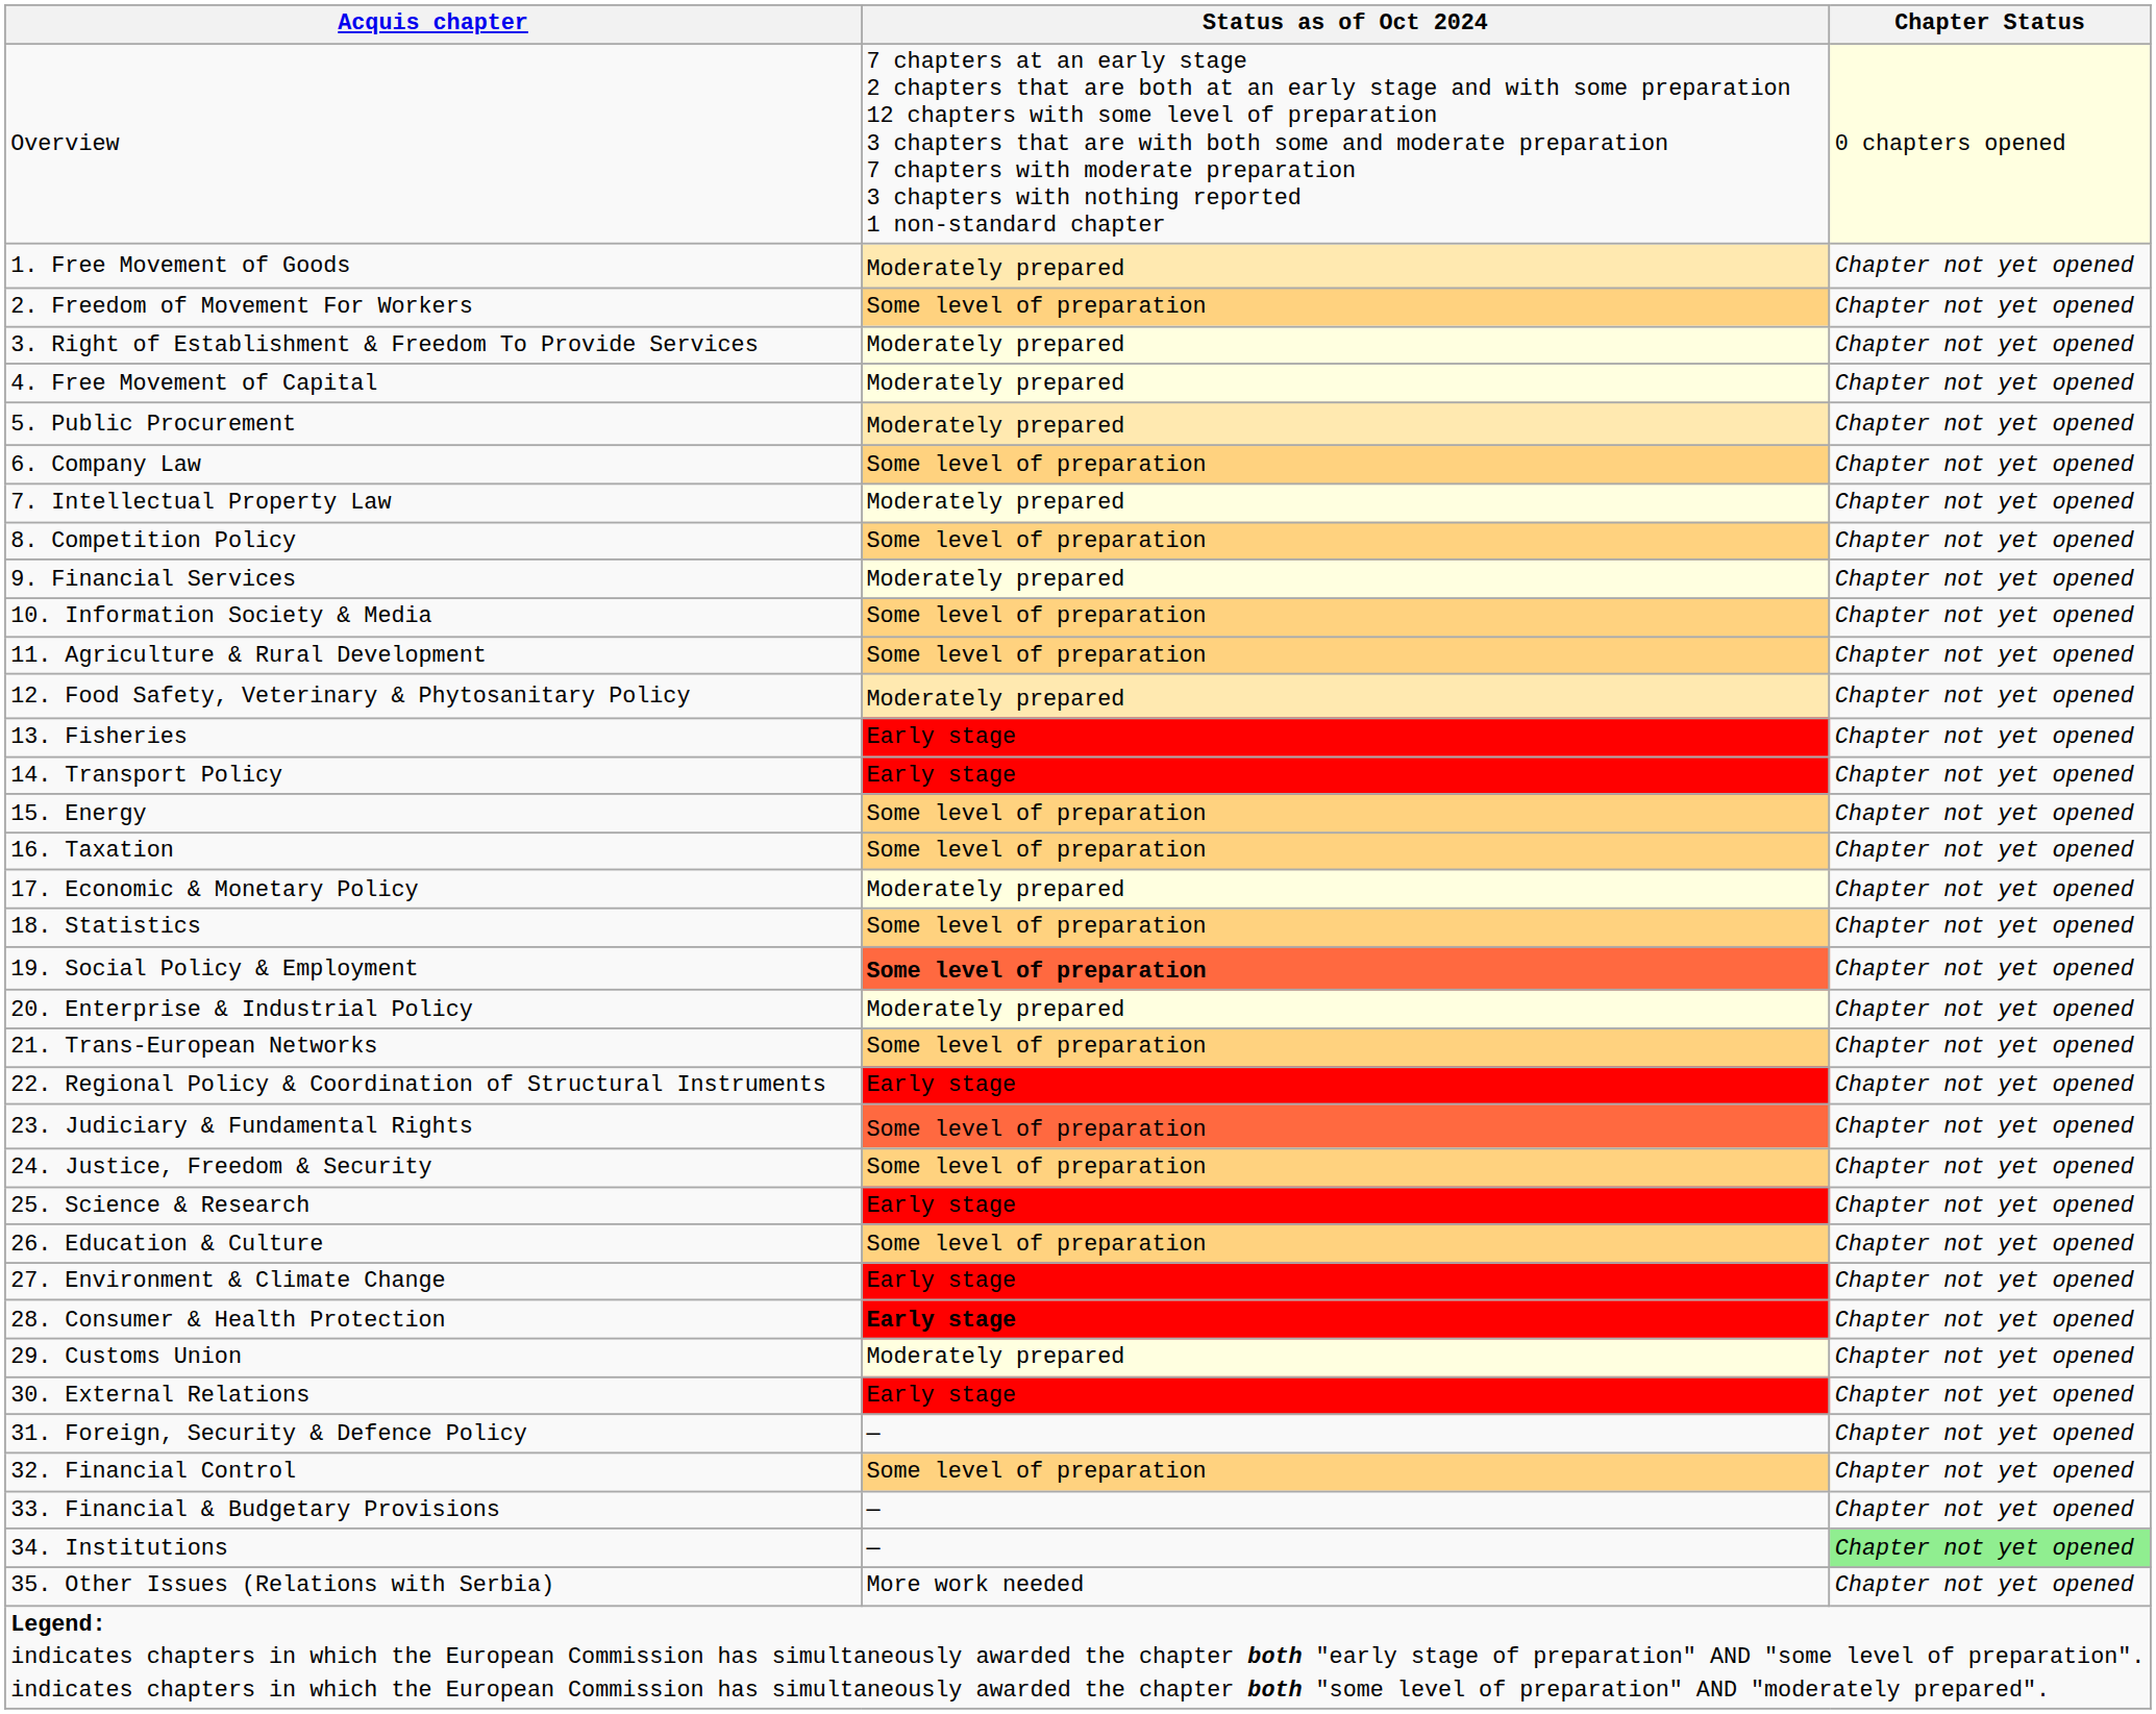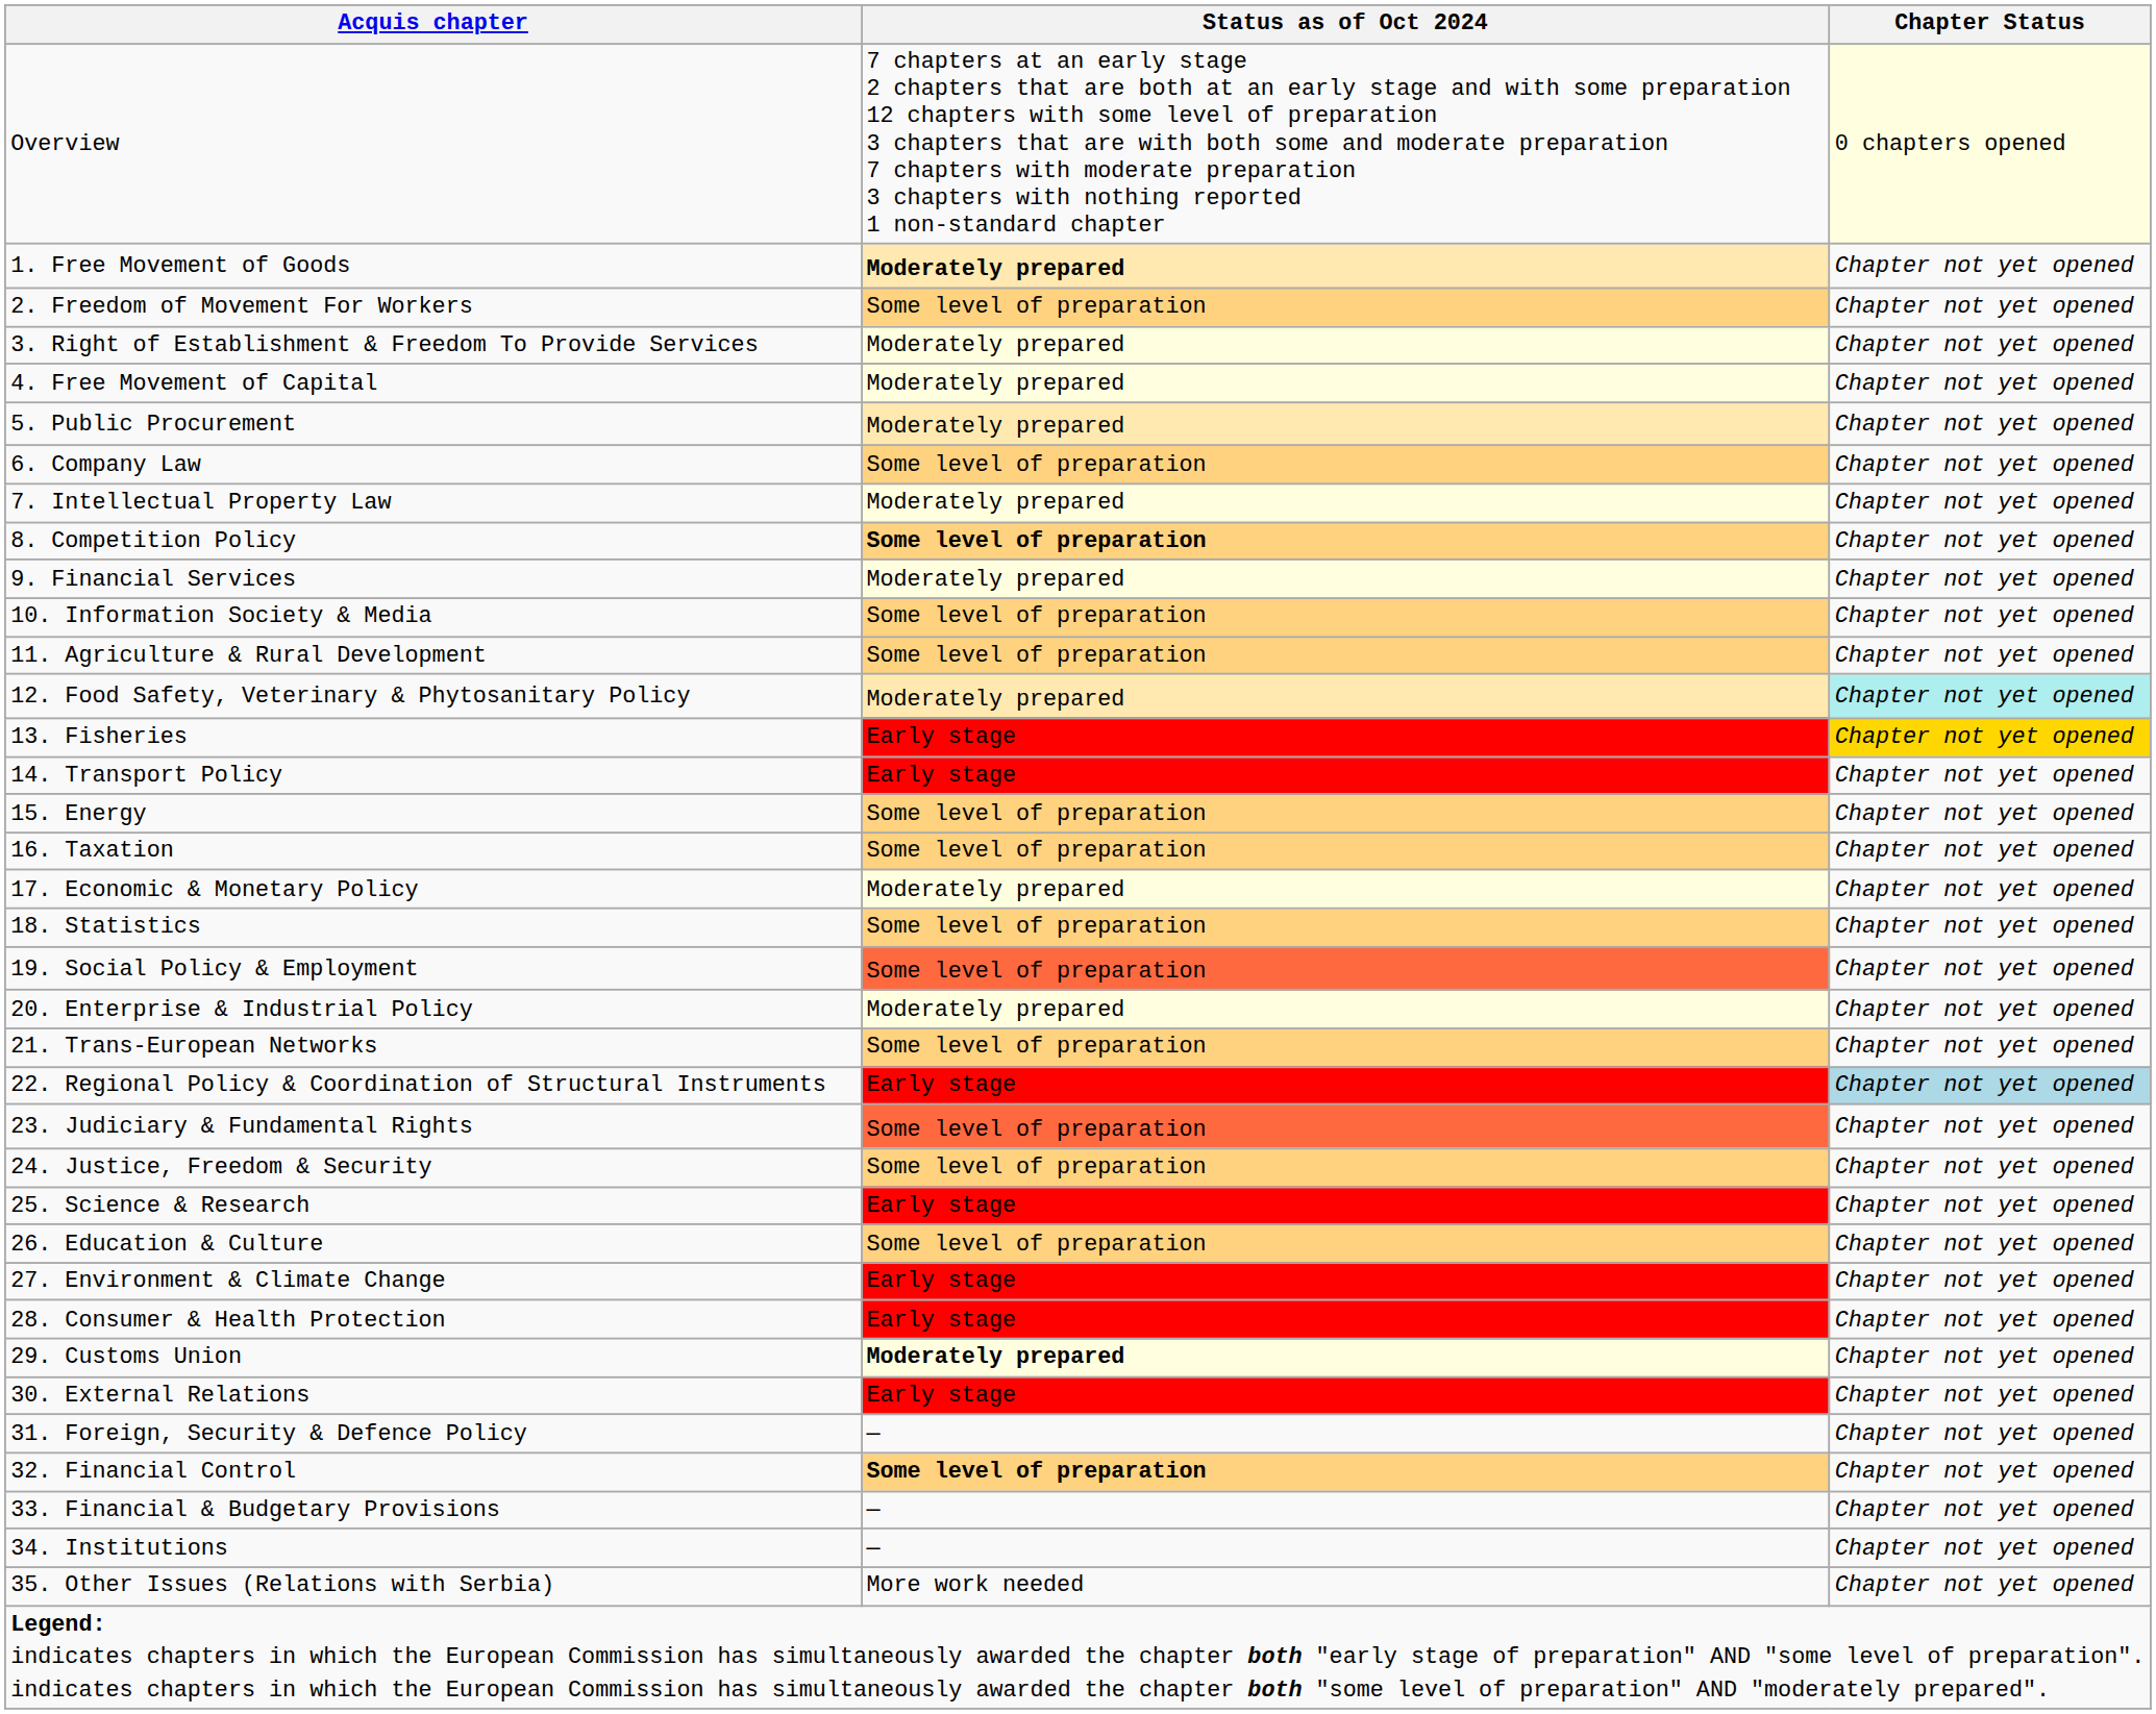 <table class="wikitable mw-collapsible mw-collapsed" style="text-align:left; font-size: 0.9em;">
 <tr>
 <th><a href='#'>Acquis chapter</a></th>
 <th>Status as of Oct 2024</th>
 <th>Chapter Status</th>
 </tr>
 <tr>
 <td style="text-align:left;">Overview</td>
 <td>7 chapters at an early stage <br>2 chapters that are both at an early stage and with some preparation <br>12 chapters with some level of preparation <br>3 chapters that are with both some and moderate preparation <br>7 chapters with moderate preparation <br>3 chapters with nothing reported <br>1 non-standard chapter</td>
 <td style="background: lightyellow;">0 chapters opened</td>
 </tr>
 <tr>
 <td style="text-align:left;">1. Free Movement of Goods</td>
-<td style="background:#FFE9B0;">Moderately prepared<sup></sup></td>
+<td style="background:#FFE9B0;"><strong>Moderately prepared<sup></sup></strong></td>
 <td><em>Chapter not yet opened</em></td>
 </tr>
 <tr>
 <td style="text-align:left;">2. Freedom of Movement For Workers</td>
 <td style="background:#FFD27F">Some level of preparation</td>
 <td><em>Chapter not yet opened</em></td>
 </tr>
 <tr>
 <td style="text-align:left;">3. Right of Establishment & Freedom To Provide Services</td>
 <td style="background:#FFFFE0;">Moderately prepared</td>
 <td><em>Chapter not yet opened</em></td>
 </tr>
 <tr>
 <td style="text-align:left;">4. Free Movement of Capital</td>
 <td style="background:#FFFFE0;">Moderately prepared</td>
 <td><em>Chapter not yet opened</em></td>
 </tr>
 <tr>
 <td style="text-align:left;">5. Public Procurement</td>
 <td style="background:#FFE9B0;">Moderately prepared<sup></sup></td>
 <td><em>Chapter not yet opened</em></td>
 </tr>
 <tr>
 <td style="text-align:left;">6. Company Law</td>
 <td style="background:#FFD27F">Some level of preparation</td>
 <td><em>Chapter not yet opened</em></td>
 </tr>
 <tr>
 <td style="text-align:left;">7. Intellectual Property Law</td>
 <td style="background:#FFFFE0;">Moderately prepared</td>
 <td><em>Chapter not yet opened</em></td>
 </tr>
 <tr>
 <td style="text-align:left;">8. Competition Policy</td>
-<td style="background:#FFD27F">Some level of preparation</td>
+<td style="background:#FFD27F"><strong>Some level of preparation</strong></td>
 <td><em>Chapter not yet opened</em></td>
 </tr>
 <tr>
 <td style="text-align:left;">9. Financial Services</td>
 <td style="background:#FFFFE0;">Moderately prepared</td>
 <td><em>Chapter not yet opened</em></td>
 </tr>
 <tr>
 <td style="text-align:left;">10. Information Society & Media</td>
 <td style="background:#FFD27F">Some level of preparation</td>
 <td><em>Chapter not yet opened</em></td>
 </tr>
 <tr>
 <td style="text-align:left;">11. Agriculture & Rural Development</td>
 <td style="background:#FFD27F">Some level of preparation</td>
 <td><em>Chapter not yet opened</em></td>
 </tr>
 <tr>
 <td style="text-align:left;">12. Food Safety, Veterinary & Phytosanitary Policy</td>
 <td style="background:#FFE9B0;">Moderately prepared<sup></sup></td>
-<td><em>Chapter not yet opened</em></td>
+<td style="background: paleturquoise;"><em>Chapter not yet opened</em></td>
 </tr>
 <tr>
 <td style="text-align:left;">13. Fisheries</td>
 <td style="background:#f00;">Early stage</td>
-<td><em>Chapter not yet opened</em></td>
+<td style="background: gold;"><em>Chapter not yet opened</em></td>
 </tr>
 <tr>
 <td style="text-align:left;">14. Transport Policy</td>
 <td style="background:#f00;">Early stage</td>
 <td><em>Chapter not yet opened</em></td>
 </tr>
 <tr>
 <td style="text-align:left;">15. Energy</td>
 <td style="background:#FFD27F">Some level of preparation</td>
 <td><em>Chapter not yet opened</em></td>
 </tr>
 <tr>
 <td style="text-align:left;">16. Taxation</td>
 <td style="background:#FFD27F">Some level of preparation</td>
 <td><em>Chapter not yet opened</em></td>
 </tr>
 <tr>
 <td style="text-align:left;">17. Economic & Monetary Policy</td>
 <td style="background:#FFFFE0;">Moderately prepared</td>
 <td><em>Chapter not yet opened</em></td>
 </tr>
 <tr>
 <td style="text-align:left;">18. Statistics</td>
 <td style="background:#FFD27F">Some level of preparation</td>
 <td><em>Chapter not yet opened</em></td>
 </tr>
 <tr>
 <td style="text-align:left;">19. Social Policy & Employment</td>
-<td style="background:#FF6940;"><strong>Some level of preparation<sup></sup></strong></td>
+<td style="background:#FF6940;">Some level of preparation<sup></sup></td>
 <td><em>Chapter not yet opened</em></td>
 </tr>
 <tr>
 <td style="text-align:left;">20. Enterprise & Industrial Policy</td>
 <td style="background:#FFFFE0;">Moderately prepared</td>
 <td><em>Chapter not yet opened</em></td>
 </tr>
 <tr>
 <td style="text-align:left;">21. Trans-European Networks</td>
 <td style="background:#FFD27F">Some level of preparation</td>
 <td><em>Chapter not yet opened</em></td>
 </tr>
 <tr>
 <td style="text-align:left;">22. Regional Policy & Coordination of Structural Instruments</td>
 <td style="background:#f00;">Early stage</td>
-<td><em>Chapter not yet opened</em></td>
+<td style="background: lightblue;"><em>Chapter not yet opened</em></td>
 </tr>
 <tr>
 <td style="text-align:left;">23. Judiciary & Fundamental Rights</td>
 <td style="background:#FF6940">Some level of preparation<sup></sup></td>
 <td><em>Chapter not yet opened</em></td>
 </tr>
 <tr>
 <td style="text-align:left;">24. Justice, Freedom & Security</td>
 <td style="background:#FFD27F">Some level of preparation</td>
 <td><em>Chapter not yet opened</em></td>
 </tr>
 <tr>
 <td style="text-align:left;">25. Science & Research</td>
 <td style="background:#f00;">Early stage</td>
 <td><em>Chapter not yet opened</em></td>
 </tr>
 <tr>
 <td style="text-align:left;">26. Education & Culture</td>
 <td style="background:#FFD27F">Some level of preparation</td>
 <td><em>Chapter not yet opened</em></td>
 </tr>
 <tr>
 <td style="text-align:left;">27. Environment & Climate Change</td>
 <td style="background:#f00;">Early stage</td>
 <td><em>Chapter not yet opened</em></td>
 </tr>
 <tr>
 <td style="text-align:left;">28. Consumer & Health Protection</td>
-<td style="background:#f00;"><strong>Early stage</strong></td>
+<td style="background:#f00;">Early stage</td>
 <td><em>Chapter not yet opened</em></td>
 </tr>
 <tr>
 <td style="text-align:left;">29. Customs Union</td>
-<td style="background:#FFFFE0;">Moderately prepared</td>
+<td style="background:#FFFFE0;"><strong>Moderately prepared</strong></td>
 <td><em>Chapter not yet opened</em></td>
 </tr>
 <tr>
 <td style="text-align:left;">30. External Relations</td>
 <td style="background:#f00;">Early stage</td>
 <td><em>Chapter not yet opened</em></td>
 </tr>
 <tr>
 <td style="text-align:left;">31. Foreign, Security & Defence Policy</td>
 <td>—</td>
 <td><em>Chapter not yet opened</em></td>
 </tr>
 <tr>
 <td style="text-align:left;">32. Financial Control</td>
-<td style="background:#FFD27F">Some level of preparation</td>
+<td style="background:#FFD27F"><strong>Some level of preparation</strong></td>
 <td><em>Chapter not yet opened</em></td>
 </tr>
 <tr>
 <td style="text-align:left;">33. Financial & Budgetary Provisions</td>
 <td>—</td>
 <td><em>Chapter not yet opened</em></td>
 </tr>
 <tr>
 <td style="text-align:left;">34. Institutions</td>
 <td>—</td>
-<td style="background: lightgreen;"><em>Chapter not yet opened</em></td>
+<td><em>Chapter not yet opened</em></td>
 </tr>
 <tr>
 <td style="text-align:left;">35. Other Issues (Relations with Serbia)</td>
 <td>More work needed</td>
 <td><em>Chapter not yet opened</em></td>
 </tr>
 <tr>
 <td colspan=11><strong>Legend:</strong><br><sup></sup> indicates chapters in which the European Commission has simultaneously awarded the chapter <strong><em>both</em></strong> "early stage of preparation" AND "some level of preparation".<br><sup></sup> indicates chapters in which the European Commission has simultaneously awarded the chapter <strong><em>both</em></strong> "some level of preparation" AND "moderately prepared".<br>        </td>
 </tr>
 </table>
